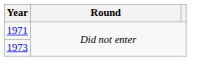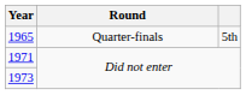 <table class="wikitable" style="text-align: center; font-size:90%">
 <tr>
 <th>Year</th>
 <th style="width:200px">Round</th>
 <th></th>
+</tr>
+<tr>
+<td><a href='#'>1965</a></td>
+<td>Quarter-finals</td>
+<td>5th</td>
 </tr>
 <tr>
 <td><a href='#'>1971</a></td>
 <td colspan="2" rowspan="2"><em>Did not enter</em></td>
 </tr>
 <tr>
 <td><a href='#'>1973</a></td>
 </tr>
 </table>
